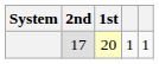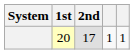 <table class="wikitable" style="font-size:85%; text-align:center;">
 <tr>
 <th>System</th>
+<th>1st</th>
 <th>2nd</th>
-<th>1st</th>
 <th></th>
 <th></th>
 </tr>
 <tr>
 <th></th>
+<td style="background:#ffffbf;">20</td>
 <td style="background:#dfdfdf;">17</td>
-<td style="background:#ffffbf;">20</td>
 <td>1</td>
 <td>1</td>
 </tr>
 </table>
